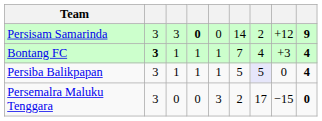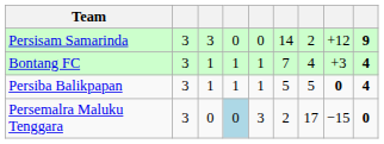 <table class="wikitable" style="text-align:center">
 <tr>
 <th style="width:175px;">Team</th>
 <th width="20"></th>
 <th width="20"></th>
 <th width="20"></th>
 <th width="20"></th>
 <th width="20"></th>
 <th width="20"></th>
 <th width="20"></th>
 <th width="20"></th>
 </tr>
 <tr style="background:#cfc;">
 <td align=left><a href='#'>Persisam Samarinda</a></td>
 <td>3</td>
 <td>3</td>
-<td><strong>0</strong></td>
+<td>0</td>
 <td>0</td>
 <td>14</td>
 <td>2</td>
 <td>+12</td>
 <td><strong>9</strong></td>
 </tr>
 <tr style="background:#cfc;">
 <td align=left><a href='#'>Bontang FC</a></td>
-<td><strong>3</strong></td>
+<td>3</td>
 <td>1</td>
 <td>1</td>
 <td>1</td>
 <td>7</td>
 <td>4</td>
 <td>+3</td>
 <td><strong>4</strong></td>
 </tr>
 <tr>
 <td align=left><a href='#'>Persiba Balikpapan</a></td>
 <td>3</td>
 <td>1</td>
 <td>1</td>
 <td>1</td>
 <td>5</td>
-<td style="background: lavender;">5</td>
-<td>0</td>
+<td>5</td>
+<td><strong>0</strong></td>
 <td><strong>4</strong></td>
 </tr>
 <tr>
 <td align=left><a href='#'>Persemalra Maluku Tenggara</a></td>
 <td>3</td>
 <td>0</td>
-<td>0</td>
+<td style="background: lightblue;">0</td>
 <td>3</td>
 <td>2</td>
 <td>17</td>
 <td>−15</td>
 <td><strong>0</strong></td>
 </tr>
 </table>
